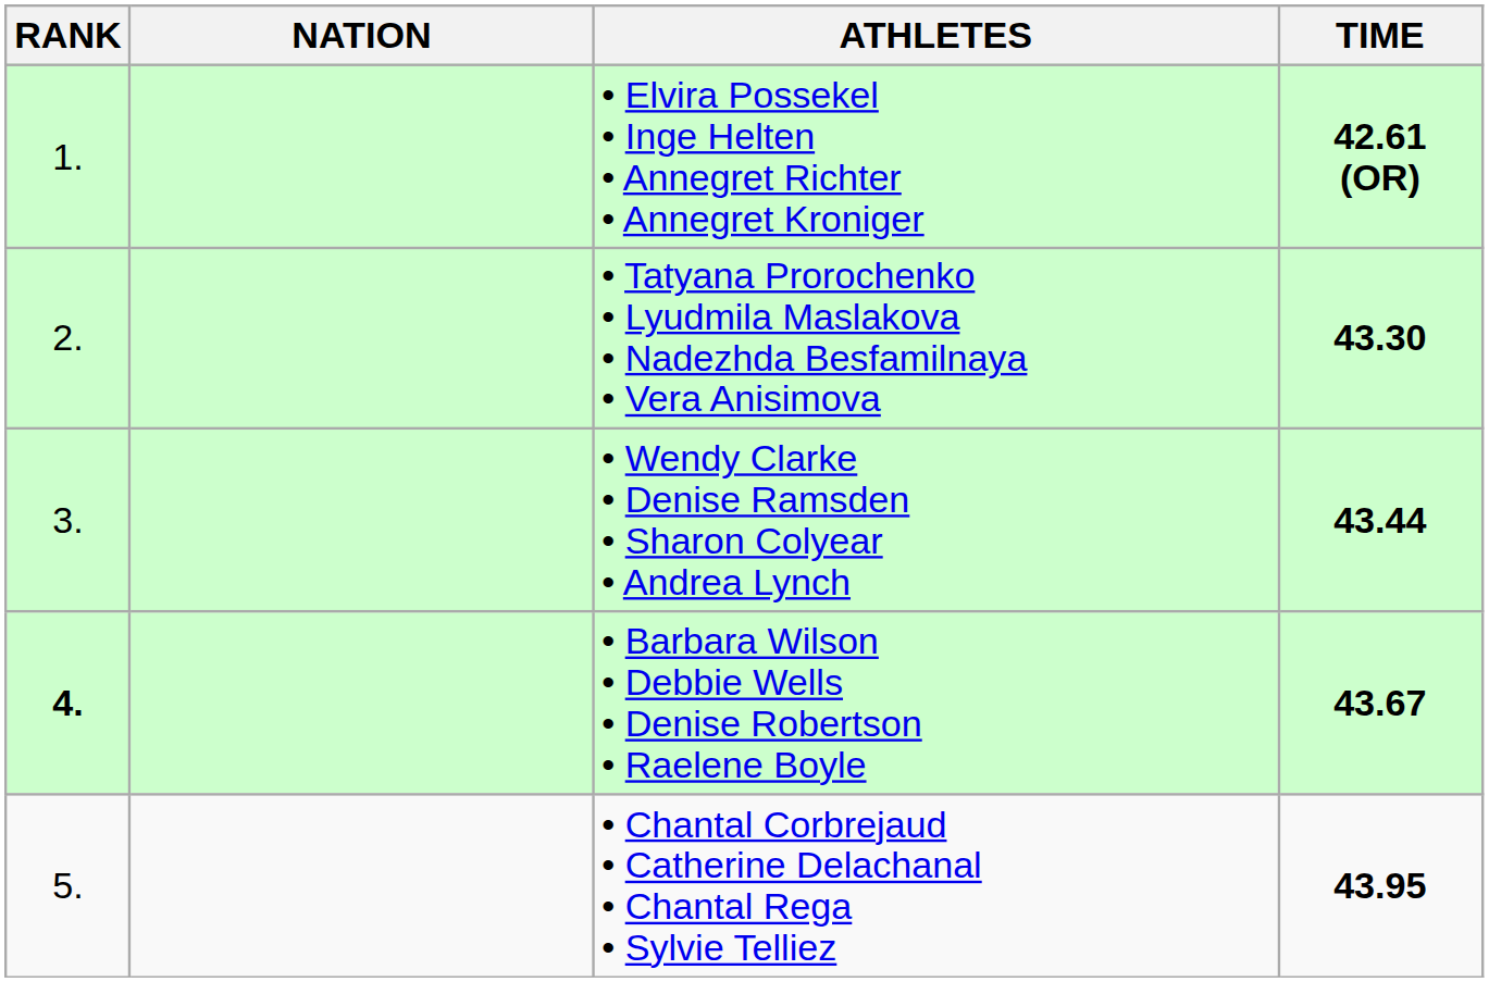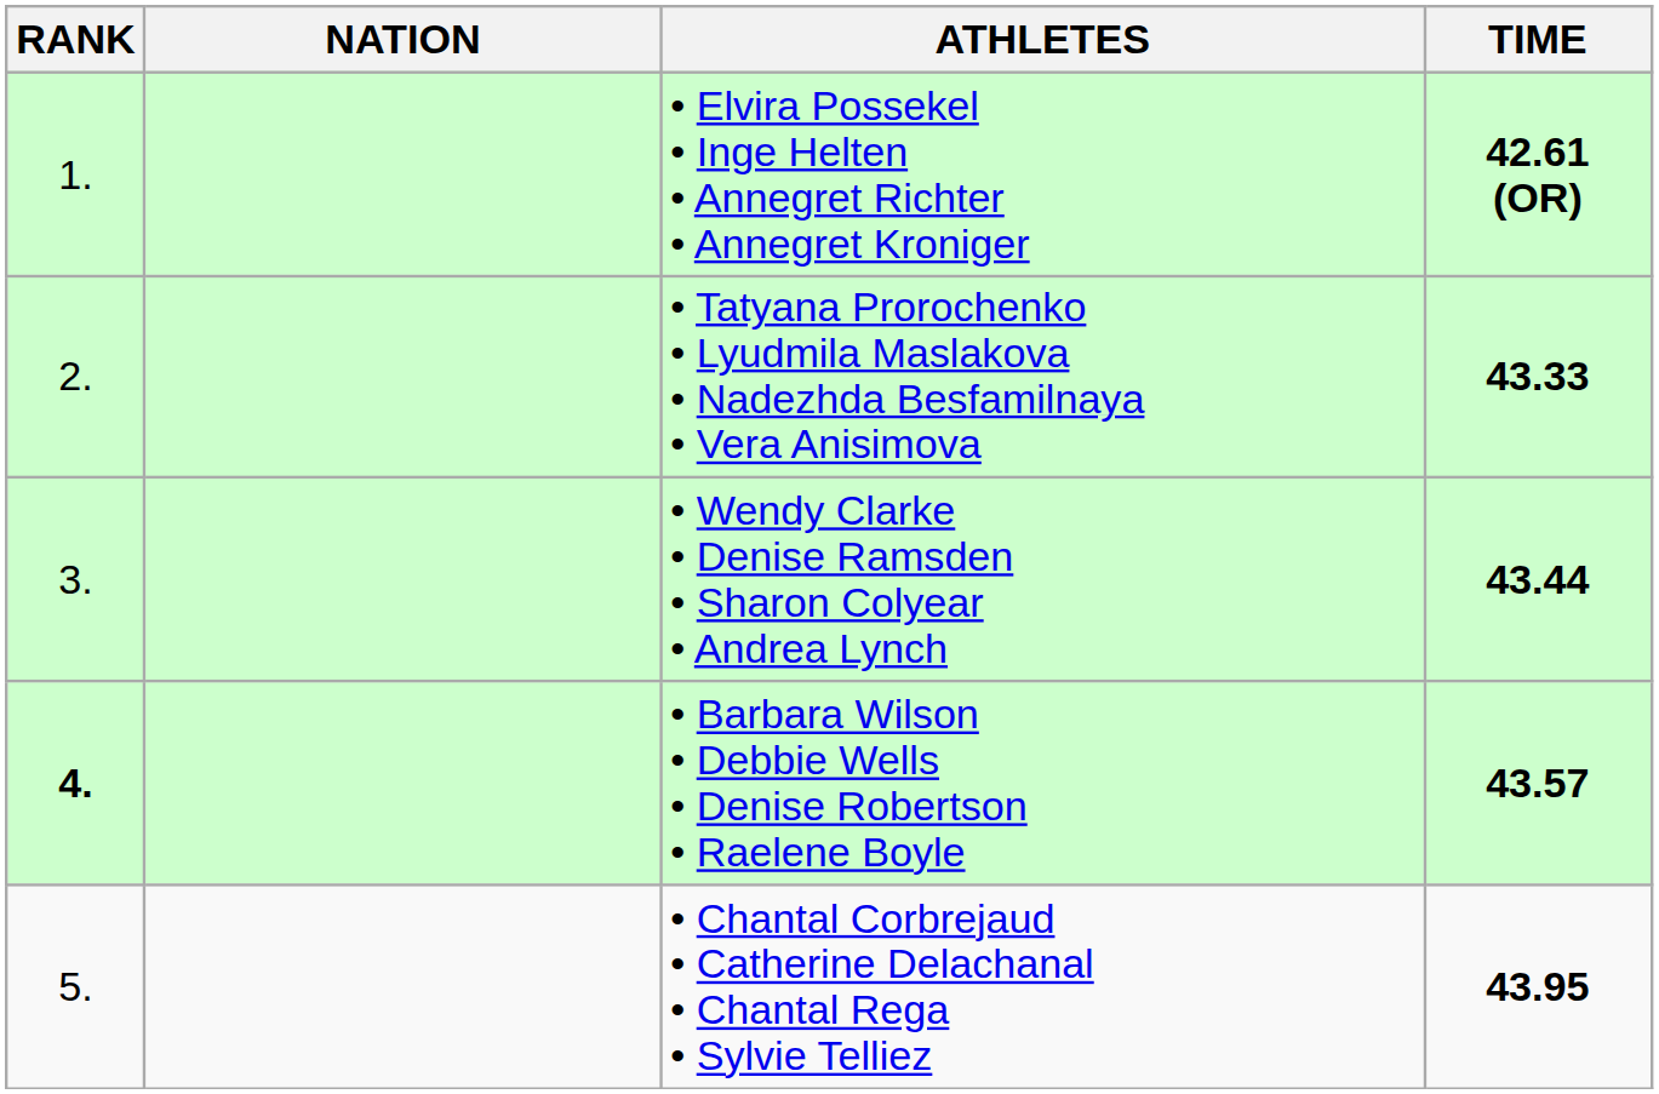 <table class="wikitable" style="border-collapse: collapse; font-size: 90%;">
 <tr>
 <th>RANK</th>
 <th style="width: 12em">NATION</th>
 <th style="width: 18em">ATHLETES</th>
 <th style="width: 5em">TIME</th>
 </tr>
 <tr style="background:#ccffcc;">
 <td align="center">1.</td>
 <td align="center"></td>
 <td>• <a href='#'>Elvira Possekel</a><br>• <a href='#'>Inge Helten</a><br>• <a href='#'>Annegret Richter</a><br>• <a href='#'>Annegret Kroniger</a></td>
 <td align="center"><strong>42.61</strong><br><strong>(OR)</strong></td>
 </tr>
 <tr style="background:#ccffcc;">
 <td align="center">2.</td>
 <td align="center"></td>
 <td>• <a href='#'>Tatyana Prorochenko</a><br>• <a href='#'>Lyudmila Maslakova</a><br>• <a href='#'>Nadezhda Besfamilnaya</a><br>• <a href='#'>Vera Anisimova</a></td>
-<td align="center"><strong>43.30</strong></td>
+<td align="center"><strong>43.33</strong></td>
 </tr>
 <tr style="background:#ccffcc;">
 <td align="center">3.</td>
 <td align="center"></td>
 <td>• <a href='#'>Wendy Clarke</a><br>• <a href='#'>Denise Ramsden</a><br>• <a href='#'>Sharon Colyear</a><br>• <a href='#'>Andrea Lynch</a></td>
 <td align="center"><strong>43.44</strong></td>
 </tr>
 <tr style="background:#ccffcc;">
 <td align="center"><strong>4.</strong></td>
 <td align="center"></td>
 <td>• <a href='#'>Barbara Wilson</a><br>• <a href='#'>Debbie Wells</a><br>• <a href='#'>Denise Robertson</a><br>• <a href='#'>Raelene Boyle</a></td>
-<td align="center"><strong>43.67</strong></td>
+<td align="center"><strong>43.57</strong></td>
 </tr>
 <tr>
 <td align="center">5.</td>
 <td align="center"></td>
 <td>• <a href='#'>Chantal Corbrejaud</a><br>• <a href='#'>Catherine Delachanal</a><br>• <a href='#'>Chantal Rega</a><br>• <a href='#'>Sylvie Telliez</a></td>
 <td align="center"><strong>43.95</strong></td>
 </tr>
 </table>
